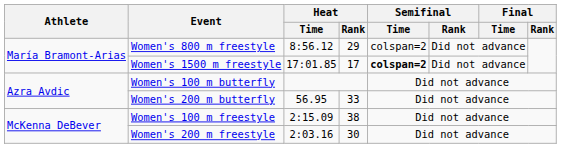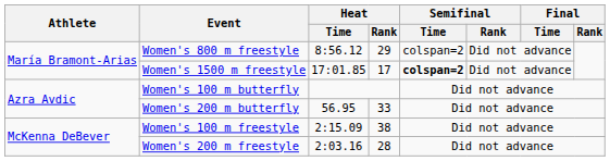 <table class=wikitable style="font-size:90%">
 <tr>
 <th rowspan="2">Athlete</th>
 <th rowspan="2">Event</th>
 <th colspan="2">Heat</th>
 <th colspan="2">Semifinal</th>
 <th colspan="2">Final</th>
 </tr>
 <tr style="font-size:95%">
 <th>Time</th>
 <th>Rank</th>
 <th>Time</th>
 <th>Rank</th>
 <th>Time</th>
 <th>Rank</th>
 </tr>
 <tr align=center>
 <td align=left rowspan=2><a href='#'>María Bramont-Arias</a></td>
 <td align=left><a href='#'>Women's 800 m freestyle</a></td>
 <td>8:56.12</td>
 <td>29</td>
 <td>colspan=2 </td>
 <td colspan=2>Did not advance</td>
 </tr>
 <tr align=center>
 <td align=left><a href='#'>Women's 1500 m freestyle</a></td>
 <td>17:01.85</td>
 <td>17</td>
 <td><strong>colspan=2 </strong></td>
 <td colspan=2>Did not advance</td>
 </tr>
 <tr align=center>
 <td align=left rowspan=2><a href='#'>Azra Avdic</a></td>
 <td align=left><a href='#'>Women's 100 m butterfly</a></td>
 <td colspan=2></td>
 <td colspan=4>Did not advance</td>
 </tr>
 <tr align=center>
 <td align=left><a href='#'>Women's 200 m butterfly</a></td>
 <td>56.95</td>
 <td>33</td>
 <td colspan=4>Did not advance</td>
 </tr>
 <tr align=center>
 <td align=left rowspan=2><a href='#'>McKenna DeBever</a></td>
 <td align=left><a href='#'>Women's 100 m freestyle</a></td>
 <td>2:15.09</td>
 <td>38</td>
 <td colspan=4>Did not advance</td>
 </tr>
 <tr align=center>
 <td align=left><a href='#'>Women's 200 m freestyle</a></td>
 <td>2:03.16</td>
-<td>30</td>
+<td>28</td>
 <td colspan=4>Did not advance</td>
 </tr>
 </table>
